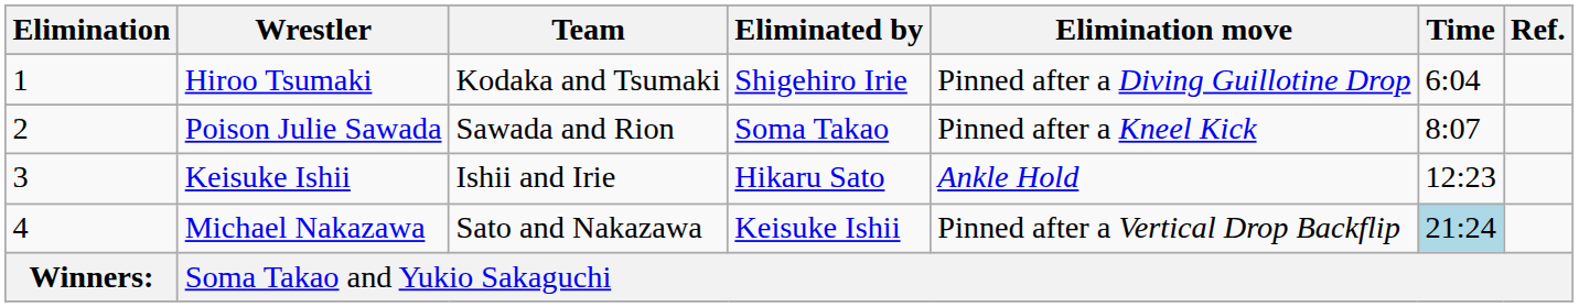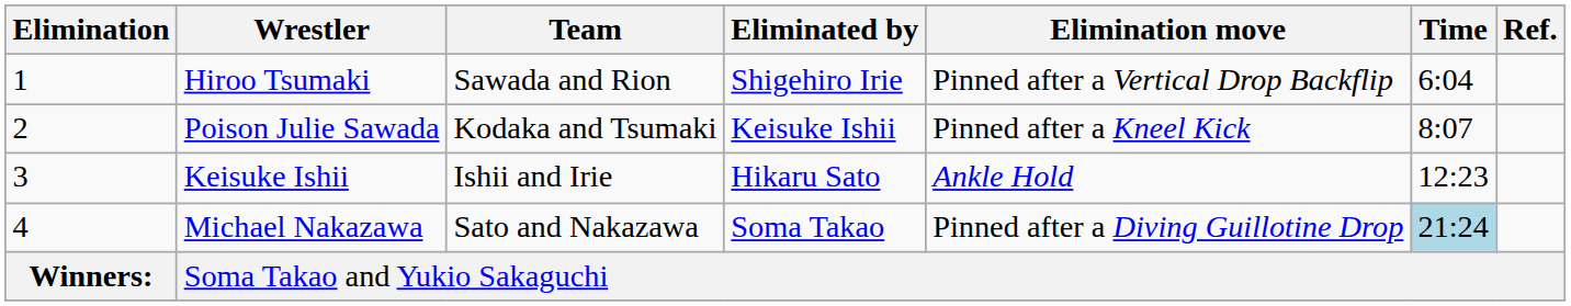 <table class="wikitable" border="1">
 <tr>
 <th>Elimination</th>
 <th>Wrestler</th>
 <th>Team</th>
 <th>Eliminated by</th>
 <th>Elimination move</th>
 <th>Time</th>
 <th>Ref.</th>
 </tr>
 <tr>
 <td>1</td>
 <td><a href='#'>Hiroo Tsumaki</a></td>
-<td>Kodaka and Tsumaki</td>
+<td>Sawada and Rion</td>
 <td><a href='#'>Shigehiro Irie</a></td>
-<td>Pinned after a <em><a href='#'>Diving Guillotine Drop</a></em></td>
+<td>Pinned after a <em>Vertical Drop Backflip</em></td>
 <td>6:04</td>
 <td></td>
 </tr>
 <tr>
 <td>2</td>
 <td><a href='#'>Poison Julie Sawada</a></td>
-<td>Sawada and Rion</td>
-<td><a href='#'>Soma Takao</a></td>
+<td>Kodaka and Tsumaki</td>
+<td><a href='#'>Keisuke Ishii</a></td>
 <td>Pinned after a <em><a href='#'>Kneel Kick</a></em></td>
 <td>8:07</td>
 <td></td>
 </tr>
 <tr>
 <td>3</td>
 <td><a href='#'>Keisuke Ishii</a></td>
 <td>Ishii and Irie</td>
 <td><a href='#'>Hikaru Sato</a></td>
 <td><em><a href='#'>Ankle Hold</a></em></td>
 <td>12:23</td>
 <td></td>
 </tr>
 <tr>
 <td>4</td>
 <td><a href='#'>Michael Nakazawa</a></td>
 <td>Sato and Nakazawa</td>
-<td><a href='#'>Keisuke Ishii</a></td>
-<td>Pinned after a <em>Vertical Drop Backflip</em></td>
+<td><a href='#'>Soma Takao</a></td>
+<td>Pinned after a <em><a href='#'>Diving Guillotine Drop</a></em></td>
 <td style="background: lightblue;">21:24</td>
 <td></td>
 </tr>
 <tr>
 <th>Winners:</th>
 <td colspan="6" bgcolor="#f2f2f2"><a href='#'>Soma Takao</a> and <a href='#'>Yukio Sakaguchi</a></td>
 </tr>
 </table>
